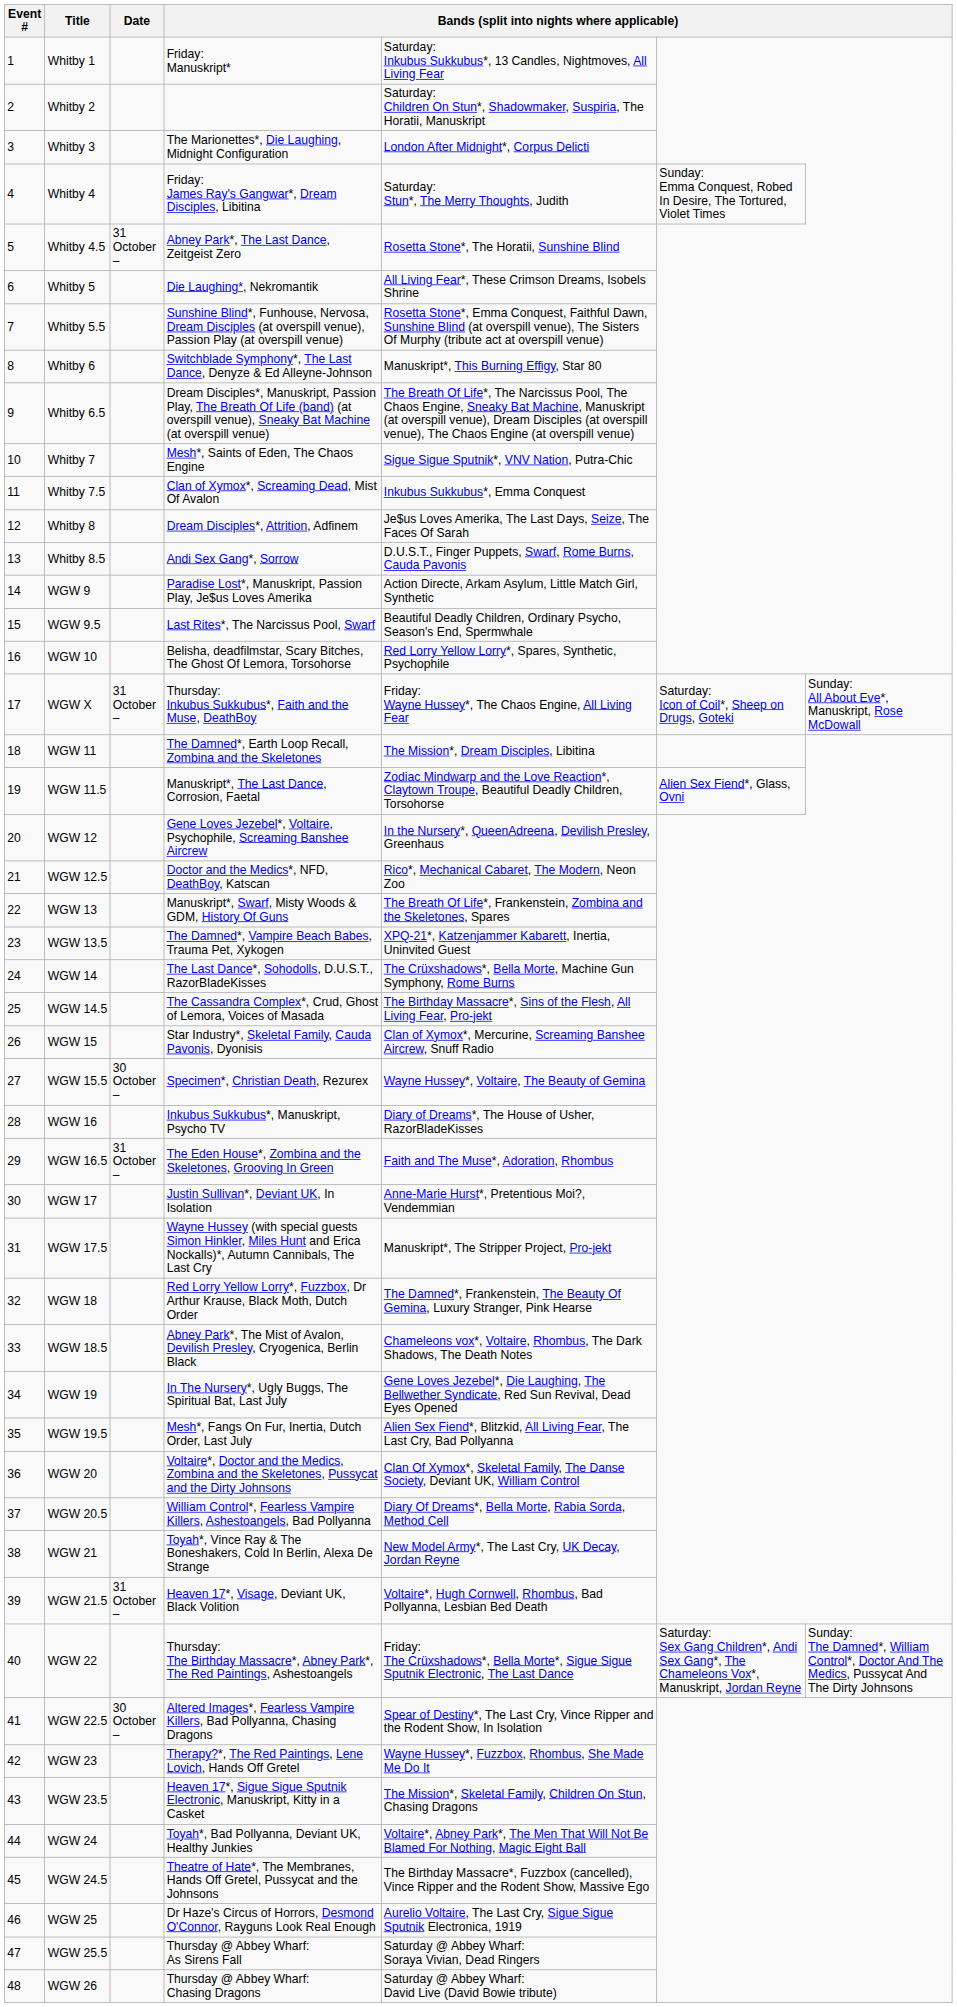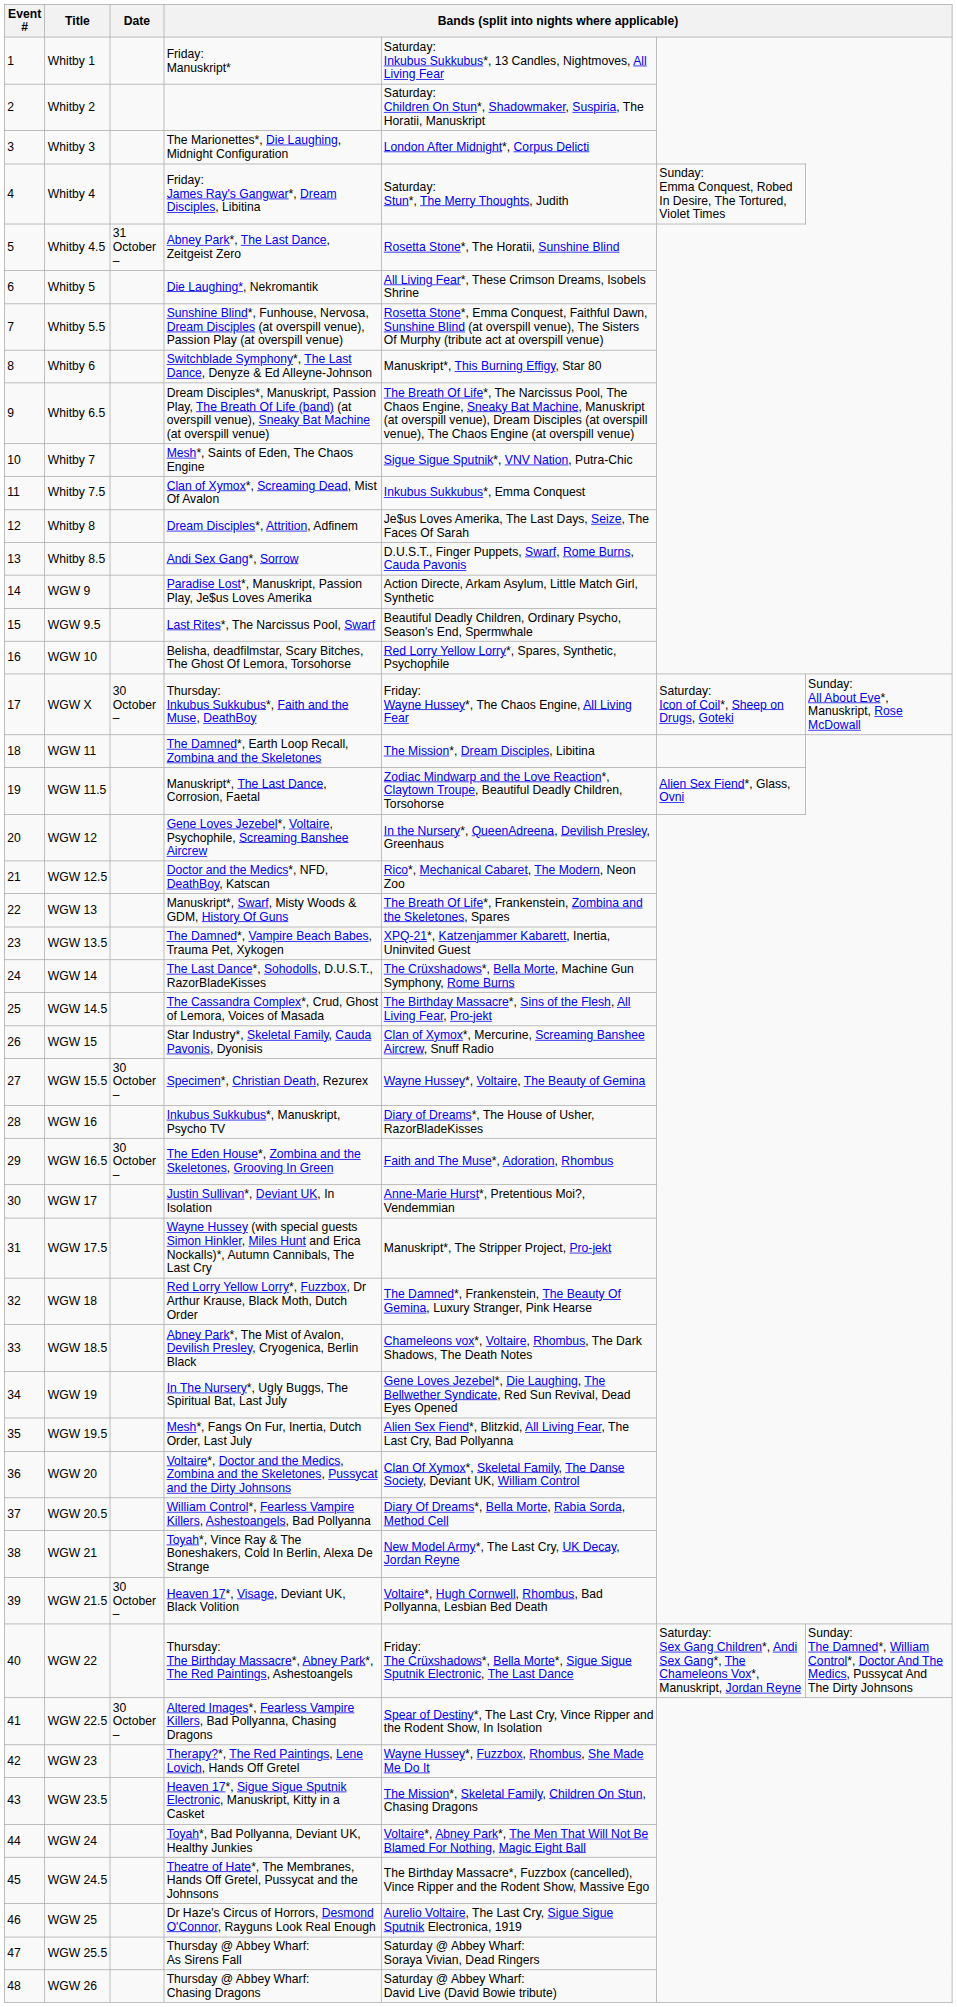 <table class="sortable wikitable">
 <tr>
 <th>Event #</th>
 <th class="unsortable">Title</th>
 <th class="unsortable">Date</th>
 <th class="unsortable" colspan=4>Bands (split into nights where applicable)</th>
 </tr>
 <tr>
 <td>1</td>
 <td>Whitby 1</td>
 <td></td>
 <td>Friday:<br>Manuskript*</td>
 <td>Saturday:<br> <a href='#'>Inkubus Sukkubus</a>*, 13 Candles, Nightmoves, <a href='#'>All Living Fear</a><br> </td>
 </tr>
 <tr>
 <td>2</td>
 <td>Whitby 2</td>
 <td></td>
 <td></td>
 <td>Saturday:<br>  <a href='#'>Children On Stun</a>*, <a href='#'>Shadowmaker</a>, <a href='#'>Suspiria</a>, The Horatii, Manuskript</td>
 </tr>
 <tr>
 <td>3</td>
 <td>Whitby 3</td>
 <td></td>
 <td>The Marionettes*, <a href='#'>Die Laughing</a>, Midnight Configuration</td>
 <td><a href='#'>London After Midnight</a>*, <a href='#'>Corpus Delicti</a></td>
 </tr>
 <tr>
 <td>4</td>
 <td>Whitby 4</td>
 <td></td>
 <td>Friday:<br><a href='#'>James Ray's Gangwar</a>*, <a href='#'>Dream Disciples</a>, Libitina</td>
 <td>Saturday:<br><a href='#'>Stun</a>*, <a href='#'>The Merry Thoughts</a>, Judith</td>
 <td>Sunday:<br>Emma Conquest, Robed In Desire, The Tortured, Violet Times</td>
 </tr>
 <tr>
 <td>5</td>
 <td>Whitby 4.5</td>
 <td>31 October – </td>
 <td><a href='#'>Abney Park</a>*, <a href='#'>The Last Dance</a>, Zeitgeist Zero</td>
 <td><a href='#'>Rosetta Stone</a>*, The Horatii, <a href='#'>Sunshine Blind</a></td>
 </tr>
 <tr>
 <td>6</td>
 <td>Whitby 5</td>
 <td></td>
 <td><a href='#'>Die Laughing*</a>, Nekromantik</td>
 <td><a href='#'>All Living Fear</a>*, These Crimson Dreams, Isobels Shrine</td>
 </tr>
 <tr>
 <td>7</td>
 <td>Whitby 5.5</td>
 <td></td>
 <td><a href='#'>Sunshine Blind</a>*, Funhouse, Nervosa, <a href='#'>Dream Disciples</a> (at overspill venue), Passion Play (at overspill venue)</td>
 <td><a href='#'>Rosetta Stone</a>*, Emma Conquest, Faithful Dawn, <a href='#'>Sunshine Blind</a> (at overspill venue), The Sisters Of Murphy (tribute act at overspill venue)</td>
 </tr>
 <tr>
 <td>8</td>
 <td>Whitby 6</td>
 <td></td>
 <td><a href='#'>Switchblade Symphony</a>*, <a href='#'>The Last Dance</a>, Denyze & Ed Alleyne-Johnson</td>
 <td>Manuskript*, <a href='#'>This Burning Effigy</a>, Star 80</td>
 </tr>
 <tr>
 <td>9</td>
 <td>Whitby 6.5</td>
 <td></td>
 <td>Dream Disciples*, Manuskript, Passion Play, <a href='#'>The Breath Of Life (band)</a> (at overspill venue), <a href='#'>Sneaky Bat Machine</a> (at overspill venue)</td>
 <td><a href='#'>The Breath Of Life</a>*, The Narcissus Pool, The Chaos Engine, <a href='#'>Sneaky Bat Machine</a>, Manuskript (at overspill venue), Dream Disciples (at overspill venue), The Chaos Engine (at overspill venue)</td>
 </tr>
 <tr>
 <td>10</td>
 <td>Whitby 7</td>
 <td></td>
 <td><a href='#'>Mesh</a>*, Saints of Eden, The Chaos Engine</td>
 <td><a href='#'>Sigue Sigue Sputnik</a>*, <a href='#'>VNV Nation</a>, Putra-Chic</td>
 </tr>
 <tr>
 <td>11</td>
 <td>Whitby 7.5</td>
 <td></td>
 <td><a href='#'>Clan of Xymox</a>*, <a href='#'>Screaming Dead</a>, Mist Of Avalon</td>
 <td><a href='#'>Inkubus Sukkubus</a>*, Emma Conquest</td>
 </tr>
 <tr>
 <td>12</td>
 <td>Whitby 8</td>
 <td></td>
 <td><a href='#'>Dream Disciples</a>*, <a href='#'>Attrition</a>, Adfinem</td>
 <td>Je$us Loves Amerika, The Last Days, <a href='#'>Seize</a>, The Faces Of Sarah</td>
 </tr>
 <tr>
 <td>13</td>
 <td>Whitby 8.5</td>
 <td></td>
 <td><a href='#'>Andi Sex Gang</a>*, <a href='#'>Sorrow</a></td>
 <td>D.U.S.T., Finger Puppets, <a href='#'>Swarf</a>, <a href='#'>Rome Burns</a>, <a href='#'>Cauda Pavonis</a></td>
 </tr>
 <tr>
 <td>14</td>
 <td>WGW 9</td>
 <td></td>
 <td><a href='#'>Paradise Lost</a>*, Manuskript, Passion Play, Je$us Loves Amerika</td>
 <td>Action Directe, Arkam Asylum, Little Match Girl, Synthetic</td>
 </tr>
 <tr>
 <td>15</td>
 <td>WGW 9.5</td>
 <td></td>
 <td><a href='#'>Last Rites</a>*, The Narcissus Pool, <a href='#'>Swarf</a></td>
 <td>Beautiful Deadly Children, Ordinary Psycho, Season's End, Spermwhale</td>
 </tr>
 <tr>
 <td>16</td>
 <td>WGW 10</td>
 <td></td>
 <td>Belisha, deadfilmstar, Scary Bitches, The Ghost Of Lemora, Torsohorse</td>
 <td><a href='#'>Red Lorry Yellow Lorry</a>*, Spares, Synthetic, Psychophile</td>
 </tr>
 <tr>
 <td>17</td>
 <td>WGW X</td>
-<td>31 October – </td>
+<td>30 October – </td>
 <td>Thursday:<br><a href='#'>Inkubus Sukkubus</a>*, <a href='#'>Faith and the Muse</a>, <a href='#'>DeathBoy</a></td>
 <td>Friday:<br><a href='#'>Wayne Hussey</a>*, The Chaos Engine, <a href='#'>All Living Fear</a></td>
 <td>Saturday:<br><a href='#'>Icon of Coil</a>*, <a href='#'>Sheep on Drugs</a>, <a href='#'>Goteki</a></td>
 <td>Sunday:<br><a href='#'>All About Eve</a>*, Manuskript, <a href='#'>Rose McDowall</a></td>
 </tr>
 <tr>
 <td>18</td>
 <td>WGW 11</td>
 <td></td>
 <td><a href='#'>The Damned</a>*, Earth Loop Recall, <a href='#'>Zombina and the Skeletones</a></td>
 <td><a href='#'>The Mission</a>*, <a href='#'>Dream Disciples</a>, Libitina</td>
 <td></td>
 </tr>
 <tr>
 <td>19</td>
 <td>WGW 11.5</td>
 <td></td>
 <td>Manuskript*, <a href='#'>The Last Dance</a>, Corrosion, Faetal</td>
 <td><a href='#'>Zodiac Mindwarp and the Love Reaction</a>*, <a href='#'>Claytown Troupe</a>, Beautiful Deadly Children, Torsohorse</td>
 <td><a href='#'>Alien Sex Fiend</a>*, Glass, <a href='#'>Ovni</a></td>
 </tr>
 <tr>
 <td>20</td>
 <td>WGW 12</td>
 <td></td>
 <td><a href='#'>Gene Loves Jezebel</a>*, <a href='#'>Voltaire</a>, Psychophile, <a href='#'>Screaming Banshee Aircrew</a></td>
 <td><a href='#'>In the Nursery</a>*, <a href='#'>QueenAdreena</a>, <a href='#'>Devilish Presley</a>, Greenhaus</td>
 </tr>
 <tr>
 <td>21</td>
 <td>WGW 12.5</td>
 <td></td>
 <td><a href='#'>Doctor and the Medics</a>*, NFD, <a href='#'>DeathBoy</a>, Katscan</td>
 <td><a href='#'>Rico</a>*, <a href='#'>Mechanical Cabaret</a>, <a href='#'>The Modern</a>, Neon Zoo</td>
 </tr>
 <tr>
 <td>22</td>
 <td>WGW 13</td>
 <td></td>
 <td>Manuskript*, <a href='#'>Swarf</a>, Misty Woods & GDM, <a href='#'>History Of Guns</a></td>
 <td><a href='#'>The Breath Of Life</a>*, Frankenstein, <a href='#'>Zombina and the Skeletones</a>, Spares</td>
 </tr>
 <tr>
 <td>23</td>
 <td>WGW 13.5</td>
 <td></td>
 <td><a href='#'>The Damned</a>*, <a href='#'>Vampire Beach Babes</a>, Trauma Pet, Xykogen</td>
 <td><a href='#'>XPQ-21</a>*, <a href='#'>Katzenjammer Kabarett</a>, Inertia, Uninvited Guest</td>
 </tr>
 <tr>
 <td>24</td>
 <td>WGW 14</td>
 <td></td>
 <td><a href='#'>The Last Dance</a>*, <a href='#'>Sohodolls</a>, D.U.S.T., RazorBladeKisses</td>
 <td><a href='#'>The Crüxshadows</a>*, <a href='#'>Bella Morte</a>, Machine Gun Symphony, <a href='#'>Rome Burns</a></td>
 </tr>
 <tr>
 <td>25</td>
 <td>WGW 14.5</td>
 <td></td>
 <td><a href='#'>The Cassandra Complex</a>*, Crud, Ghost of Lemora, Voices of Masada</td>
 <td><a href='#'>The Birthday Massacre</a>*, <a href='#'>Sins of the Flesh</a>, <a href='#'>All Living Fear</a>, <a href='#'>Pro-jekt</a></td>
 </tr>
 <tr>
 <td>26</td>
 <td>WGW 15</td>
 <td></td>
 <td>Star Industry*, <a href='#'>Skeletal Family</a>, <a href='#'>Cauda Pavonis</a>, Dyonisis</td>
 <td><a href='#'>Clan of Xymox</a>*, Mercurine, <a href='#'>Screaming Banshee Aircrew</a>, Snuff Radio</td>
 </tr>
 <tr>
 <td>27</td>
 <td>WGW 15.5</td>
 <td>30 October – </td>
 <td><a href='#'>Specimen</a>*, <a href='#'>Christian Death</a>, Rezurex</td>
 <td><a href='#'>Wayne Hussey</a>*, <a href='#'>Voltaire</a>, <a href='#'>The Beauty of Gemina</a></td>
 </tr>
 <tr>
 <td>28</td>
 <td>WGW 16</td>
 <td></td>
 <td><a href='#'>Inkubus Sukkubus</a>*, Manuskript, Psycho TV</td>
 <td><a href='#'>Diary of Dreams</a>*, The House of Usher, RazorBladeKisses</td>
 </tr>
 <tr>
 <td>29</td>
 <td>WGW 16.5</td>
-<td>31 October – </td>
+<td>30 October – </td>
 <td><a href='#'>The Eden House</a>*, <a href='#'>Zombina and the Skeletones</a>, <a href='#'>Grooving In Green</a></td>
 <td><a href='#'>Faith and The Muse</a>*, <a href='#'>Adoration</a>, <a href='#'>Rhombus</a></td>
 </tr>
 <tr>
 <td>30</td>
 <td>WGW 17</td>
 <td></td>
 <td><a href='#'>Justin Sullivan</a>*, <a href='#'>Deviant UK</a>, In Isolation</td>
 <td><a href='#'>Anne-Marie Hurst</a>*, Pretentious Moi?, Vendemmian</td>
 </tr>
 <tr>
 <td>31</td>
 <td>WGW 17.5</td>
 <td></td>
 <td><a href='#'>Wayne Hussey</a> (with special guests <a href='#'>Simon Hinkler</a>, <a href='#'>Miles Hunt</a> and Erica Nockalls)*, Autumn Cannibals, The Last Cry</td>
 <td>Manuskript*, The Stripper Project, <a href='#'>Pro-jekt</a></td>
 </tr>
 <tr>
 <td>32</td>
 <td>WGW 18</td>
 <td></td>
 <td><a href='#'>Red Lorry Yellow Lorry</a>*, <a href='#'>Fuzzbox</a>, Dr Arthur Krause, Black Moth, Dutch Order</td>
 <td><a href='#'>The Damned</a>*, Frankenstein, <a href='#'>The Beauty Of Gemina</a>, Luxury Stranger, Pink Hearse</td>
 </tr>
 <tr>
 <td>33</td>
 <td>WGW 18.5</td>
 <td></td>
 <td><a href='#'>Abney Park</a>*, The Mist of Avalon, <a href='#'>Devilish Presley</a>, Cryogenica, Berlin Black</td>
 <td><a href='#'>Chameleons vox</a>*, <a href='#'>Voltaire</a>, <a href='#'>Rhombus</a>, The Dark Shadows, The Death Notes</td>
 </tr>
 <tr>
 <td>34</td>
 <td>WGW 19</td>
 <td></td>
 <td><a href='#'>In The Nursery</a>*, Ugly Buggs, The Spiritual Bat, Last July</td>
 <td><a href='#'>Gene Loves Jezebel</a>*, <a href='#'>Die Laughing</a>, <a href='#'>The Bellwether Syndicate</a>, Red Sun Revival, Dead Eyes Opened</td>
 </tr>
 <tr>
 <td>35</td>
 <td>WGW 19.5</td>
 <td></td>
 <td><a href='#'>Mesh</a>*, Fangs On Fur, Inertia, Dutch Order, Last July</td>
 <td><a href='#'>Alien Sex Fiend</a>*, Blitzkid, <a href='#'>All Living Fear</a>, The Last Cry, Bad Pollyanna</td>
 </tr>
 <tr>
 <td>36</td>
 <td>WGW 20</td>
 <td></td>
 <td><a href='#'>Voltaire</a>*, <a href='#'>Doctor and the Medics</a>, <a href='#'>Zombina and the Skeletones</a>, <a href='#'>Pussycat and the Dirty Johnsons</a></td>
 <td><a href='#'>Clan Of Xymox</a>*, <a href='#'>Skeletal Family</a>, <a href='#'>The Danse Society</a>, Deviant UK, <a href='#'>William Control</a></td>
 </tr>
 <tr>
 <td>37</td>
 <td>WGW 20.5</td>
 <td></td>
 <td><a href='#'>William Control</a>*, <a href='#'>Fearless Vampire Killers</a>, <a href='#'>Ashestoangels</a>, Bad Pollyanna</td>
 <td><a href='#'>Diary Of Dreams</a>*, <a href='#'>Bella Morte</a>, <a href='#'>Rabia Sorda</a>, <a href='#'>Method Cell</a></td>
 </tr>
 <tr>
 <td>38</td>
 <td>WGW 21</td>
 <td></td>
 <td><a href='#'>Toyah</a>*, Vince Ray & The Boneshakers, Cold In Berlin, Alexa De Strange</td>
 <td><a href='#'>New Model Army</a>*, The Last Cry, <a href='#'>UK Decay</a>, <a href='#'>Jordan Reyne</a></td>
 </tr>
 <tr>
 <td>39</td>
 <td>WGW 21.5</td>
-<td>31 October – </td>
+<td>30 October – </td>
 <td><a href='#'>Heaven 17</a>*, <a href='#'>Visage</a>, Deviant UK, Black Volition</td>
 <td><a href='#'>Voltaire</a>*, <a href='#'>Hugh Cornwell</a>, <a href='#'>Rhombus</a>, Bad Pollyanna, Lesbian Bed Death</td>
 </tr>
 <tr>
 <td>40</td>
 <td>WGW 22</td>
 <td></td>
 <td>Thursday:<br><a href='#'>The Birthday Massacre</a>*, <a href='#'>Abney Park</a>*, <a href='#'>The Red Paintings</a>, Ashestoangels</td>
 <td>Friday:<br><a href='#'>The Crüxshadows</a>*, <a href='#'>Bella Morte</a>*, <a href='#'>Sigue Sigue Sputnik Electronic</a>, <a href='#'>The Last Dance</a></td>
 <td>Saturday:<br><a href='#'>Sex Gang Children</a>*, <a href='#'>Andi Sex Gang</a>*, <a href='#'>The Chameleons Vox</a>*, Manuskript, <a href='#'>Jordan Reyne</a></td>
 <td>Sunday:<br><a href='#'>The Damned</a>*, <a href='#'>William Control</a>*, <a href='#'>Doctor And The Medics</a>, Pussycat And The Dirty Johnsons</td>
 </tr>
 <tr>
 <td>41</td>
 <td>WGW 22.5</td>
 <td>30 October – </td>
 <td><a href='#'>Altered Images</a>*, <a href='#'>Fearless Vampire Killers</a>, Bad Pollyanna, Chasing Dragons</td>
 <td><a href='#'>Spear of Destiny</a>*, The Last Cry, Vince Ripper and the Rodent Show, In Isolation</td>
 </tr>
 <tr>
 <td>42</td>
 <td>WGW 23</td>
 <td></td>
 <td><a href='#'>Therapy?</a>*, <a href='#'>The Red Paintings</a>, <a href='#'>Lene Lovich</a>, Hands Off Gretel</td>
 <td><a href='#'>Wayne Hussey</a>*, <a href='#'>Fuzzbox</a>, <a href='#'>Rhombus</a>, <a href='#'>She Made Me Do It</a></td>
 </tr>
 <tr>
 <td>43</td>
 <td>WGW 23.5</td>
 <td></td>
 <td><a href='#'>Heaven 17</a>*, <a href='#'>Sigue Sigue Sputnik Electronic</a>, Manuskript, Kitty in a Casket</td>
 <td><a href='#'>The Mission</a>*, <a href='#'>Skeletal Family</a>, <a href='#'>Children On Stun</a>, Chasing Dragons</td>
 </tr>
 <tr>
 <td>44</td>
 <td>WGW 24</td>
 <td></td>
 <td><a href='#'>Toyah</a>*, Bad Pollyanna, Deviant UK, Healthy Junkies</td>
 <td><a href='#'>Voltaire</a>*, <a href='#'>Abney Park</a>*, <a href='#'>The Men That Will Not Be Blamed For Nothing</a>, <a href='#'>Magic Eight Ball</a></td>
 </tr>
 <tr>
 <td>45</td>
 <td>WGW 24.5</td>
 <td></td>
 <td><a href='#'>Theatre of Hate</a>*, The Membranes, Hands Off Gretel, Pussycat and the Johnsons</td>
 <td>The Birthday Massacre*, Fuzzbox (cancelled), Vince Ripper and the Rodent Show, Massive Ego</td>
 </tr>
 <tr>
 <td>46</td>
 <td>WGW 25</td>
 <td></td>
 <td>Dr Haze's Circus of Horrors, <a href='#'>Desmond O'Connor</a>, Rayguns Look Real Enough</td>
 <td><a href='#'>Aurelio Voltaire</a>, The Last Cry, <a href='#'>Sigue Sigue Sputnik</a> Electronica, 1919</td>
 </tr>
 <tr>
 <td>47</td>
 <td>WGW 25.5</td>
 <td></td>
 <td>Thursday @ Abbey Wharf:<br>As Sirens Fall</td>
 <td>Saturday @ Abbey Wharf:<br>Soraya Vivian, Dead Ringers</td>
 </tr>
 <tr>
 <td>48</td>
 <td>WGW 26</td>
 <td></td>
 <td>Thursday @ Abbey Wharf:<br>Chasing Dragons</td>
 <td>Saturday @ Abbey Wharf:<br>David Live (David Bowie tribute)</td>
 </tr>
 </table>
